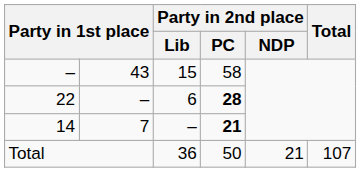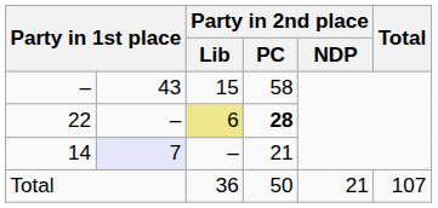 <table class="wikitable" style="text-align:right;">
 <tr>
 <th rowspan="2" colspan="2" style="text-align:left;">Party in 1st place</th>
 <th colspan="3">Party in 2nd place</th>
 <th rowspan="2">Total</th>
 </tr>
 <tr>
 <th>Lib</th>
 <th>PC</th>
 <th>NDP</th>
 </tr>
 <tr>
 <td>–</td>
 <td>43</td>
 <td>15</td>
 <td>58</td>
 </tr>
 <tr>
 <td>22</td>
 <td>–</td>
-<td>6</td>
+<td style="background: khaki;">6</td>
 <td><strong>28</strong></td>
 </tr>
 <tr>
 <td>14</td>
-<td>7</td>
+<td style="background: lavender;">7</td>
 <td>–</td>
-<td><strong>21</strong></td>
+<td>21</td>
 </tr>
 <tr>
 <td colspan="2" style="text-align:left;">Total</td>
 <td>36</td>
 <td>50</td>
 <td>21</td>
 <td>107</td>
 </tr>
 </table>
